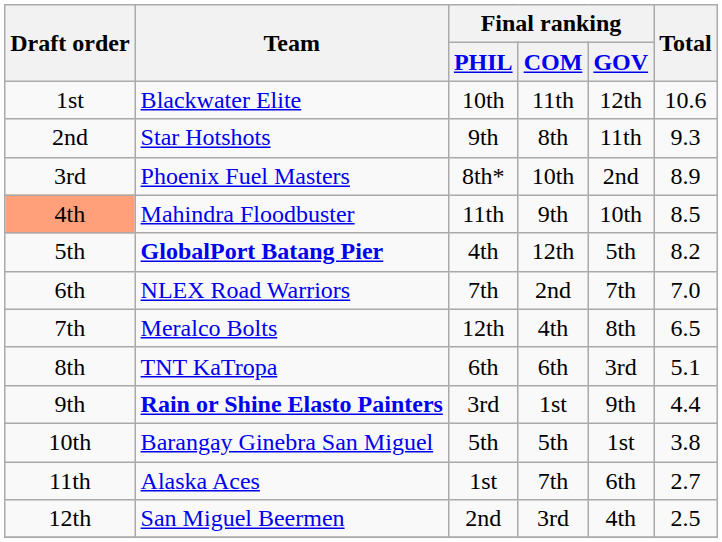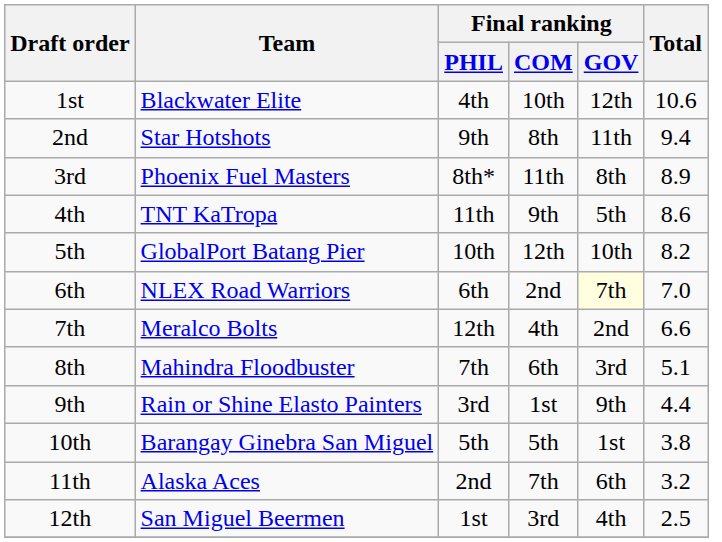 <table class=wikitable style="text-align:center;">
 <tr>
 <th rowspan=2>Draft order</th>
 <th rowspan=2>Team</th>
 <th colspan=3>Final ranking</th>
 <th rowspan=2>Total</th>
 </tr>
 <tr>
 <th><a href='#'>PHIL</a></th>
 <th><a href='#'>COM</a></th>
 <th><a href='#'>GOV</a></th>
 </tr>
 <tr>
 <td>1st</td>
 <td align="left"><a href='#'>Blackwater Elite</a></td>
+<td>4th</td>
 <td>10th</td>
-<td>11th</td>
 <td>12th</td>
 <td>10.6</td>
 </tr>
 <tr>
 <td>2nd</td>
 <td align="left"><a href='#'>Star Hotshots</a></td>
 <td>9th</td>
 <td>8th</td>
 <td>11th</td>
-<td>9.3</td>
+<td>9.4</td>
 </tr>
 <tr>
 <td>3rd</td>
 <td align="left"><a href='#'>Phoenix Fuel Masters</a></td>
 <td>8th*</td>
-<td>10th</td>
-<td>2nd</td>
+<td>11th</td>
+<td>8th</td>
 <td>8.9</td>
 </tr>
 <tr>
-<td style="background: lightsalmon;">4th</td>
-<td align="left"><a href='#'>Mahindra Floodbuster</a></td>
+<td>4th</td>
+<td align="left"><a href='#'>TNT KaTropa</a></td>
 <td>11th</td>
 <td>9th</td>
-<td>10th</td>
-<td>8.5</td>
+<td>5th</td>
+<td>8.6</td>
 </tr>
 <tr>
 <td>5th</td>
-<td align="left"><strong><a href='#'>GlobalPort Batang Pier</a></strong></td>
-<td>4th</td>
+<td align="left"><a href='#'>GlobalPort Batang Pier</a></td>
+<td>10th</td>
 <td>12th</td>
-<td>5th</td>
+<td>10th</td>
 <td>8.2</td>
 </tr>
 <tr>
 <td>6th</td>
 <td align="left"><a href='#'>NLEX Road Warriors</a></td>
-<td>7th</td>
+<td>6th</td>
 <td>2nd</td>
-<td>7th</td>
+<td style="background: lightyellow;">7th</td>
 <td>7.0</td>
 </tr>
 <tr>
 <td>7th</td>
 <td align="left"><a href='#'>Meralco Bolts</a></td>
 <td>12th</td>
 <td>4th</td>
-<td>8th</td>
-<td>6.5</td>
+<td>2nd</td>
+<td>6.6</td>
 </tr>
 <tr>
 <td>8th</td>
-<td align="left"><a href='#'>TNT KaTropa</a></td>
-<td>6th</td>
+<td align="left"><a href='#'>Mahindra Floodbuster</a></td>
+<td>7th</td>
 <td>6th</td>
 <td>3rd</td>
 <td>5.1</td>
 </tr>
 <tr>
 <td>9th</td>
-<td align="left"><strong><a href='#'>Rain or Shine Elasto Painters</a></strong></td>
+<td align="left"><a href='#'>Rain or Shine Elasto Painters</a></td>
 <td>3rd</td>
 <td>1st</td>
 <td>9th</td>
 <td>4.4</td>
 </tr>
 <tr>
 <td>10th</td>
 <td align="left"><a href='#'>Barangay Ginebra San Miguel</a></td>
 <td>5th</td>
 <td>5th</td>
 <td>1st</td>
 <td>3.8</td>
 </tr>
 <tr>
 <td>11th</td>
 <td align="left"><a href='#'>Alaska Aces</a></td>
-<td>1st</td>
+<td>2nd</td>
 <td>7th</td>
 <td>6th</td>
-<td>2.7</td>
+<td>3.2</td>
 </tr>
 <tr>
 <td>12th</td>
 <td align="left"><a href='#'>San Miguel Beermen</a></td>
-<td>2nd</td>
+<td>1st</td>
 <td>3rd</td>
 <td>4th</td>
 <td>2.5</td>
 </tr>
 <tr>
 </tr>
 </table>
